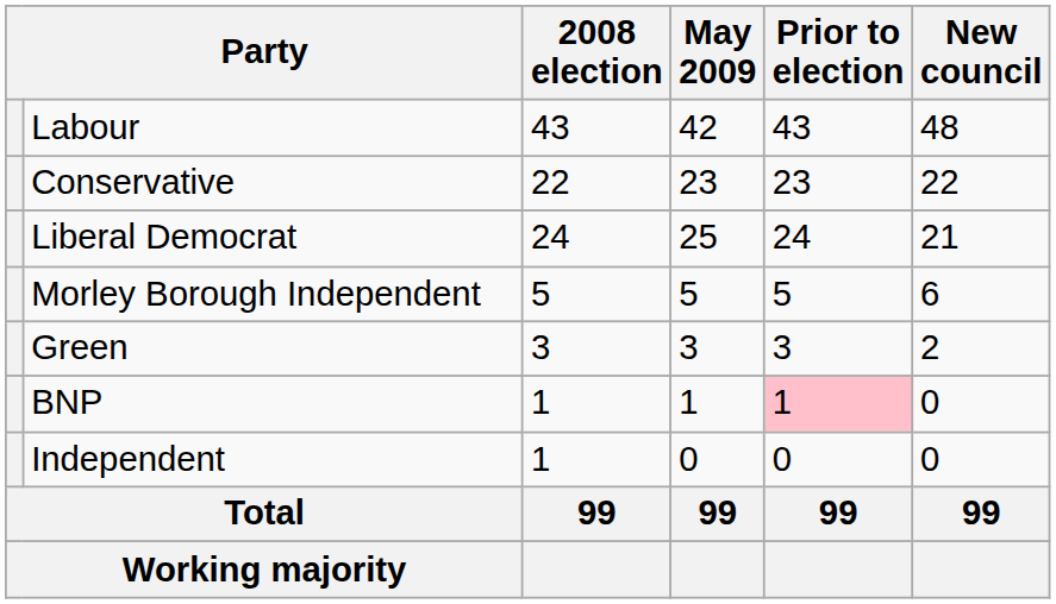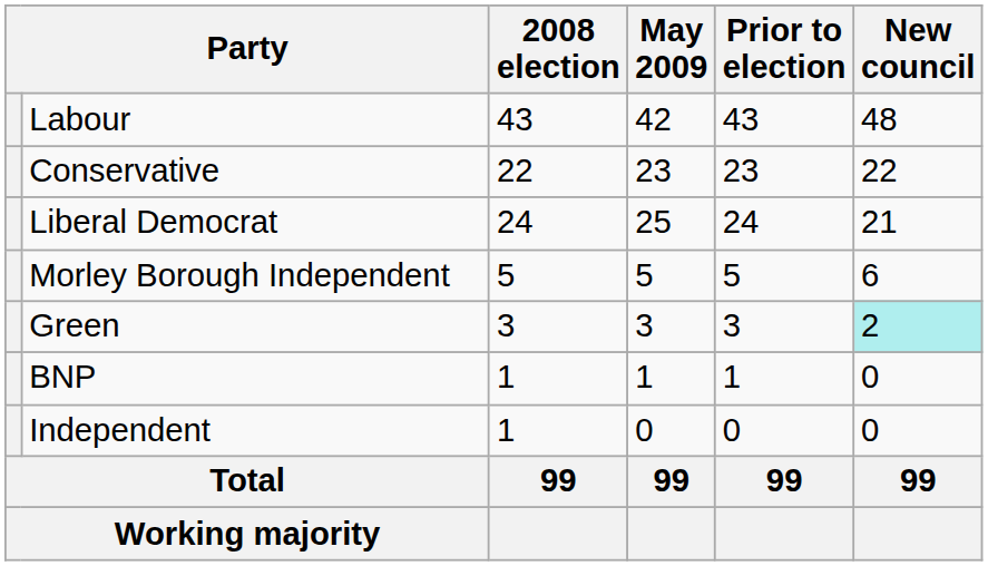 <table class="wikitable">
 <tr>
 <th valign=centre colspan="2" style="width: 230px">Party</th>
 <th valign=top style="width: 30px">2008 election</th>
 <th valign=top style="width: 30px">May 2009</th>
 <th valign=top style="width: 30px">Prior to election</th>
 <th valign=top style="width: 30px">New council</th>
 </tr>
 <tr>
 <th style="background-color: "></th>
 <td>Labour</td>
 <td>43</td>
 <td>42</td>
 <td>43</td>
 <td>48</td>
 </tr>
 <tr>
 <th style="background-color: "></th>
 <td>Conservative</td>
 <td>22</td>
 <td>23</td>
 <td>23</td>
 <td>22</td>
 </tr>
 <tr>
 <th style="background-color: "></th>
 <td>Liberal Democrat</td>
 <td>24</td>
 <td>25</td>
 <td>24</td>
 <td>21</td>
 </tr>
 <tr>
 <th style="background-color: "></th>
 <td>Morley Borough Independent</td>
 <td>5</td>
 <td>5</td>
 <td>5</td>
 <td>6</td>
 </tr>
 <tr>
 <th style="background-color: "></th>
 <td>Green</td>
 <td>3</td>
 <td>3</td>
 <td>3</td>
-<td>2</td>
+<td style="background: paleturquoise;">2</td>
 </tr>
 <tr>
 <th style="background-color: "></th>
 <td>BNP</td>
 <td>1</td>
 <td>1</td>
-<td style="background: pink;">1</td>
+<td>1</td>
 <td>0</td>
 </tr>
 <tr>
 <th style="background-color: "></th>
 <td>Independent</td>
 <td>1</td>
 <td>0</td>
 <td>0</td>
 <td>0</td>
 </tr>
 <tr>
 <th colspan=2>Total</th>
 <th style="text-align: center">99</th>
 <th style="text-align: center">99</th>
 <th style="text-align: center">99</th>
 <th style="text-align: center">99</th>
 </tr>
 <tr>
 <th colspan=2>Working majority</th>
 <th></th>
 <th></th>
 <th></th>
 <th></th>
 </tr>
 </table>
